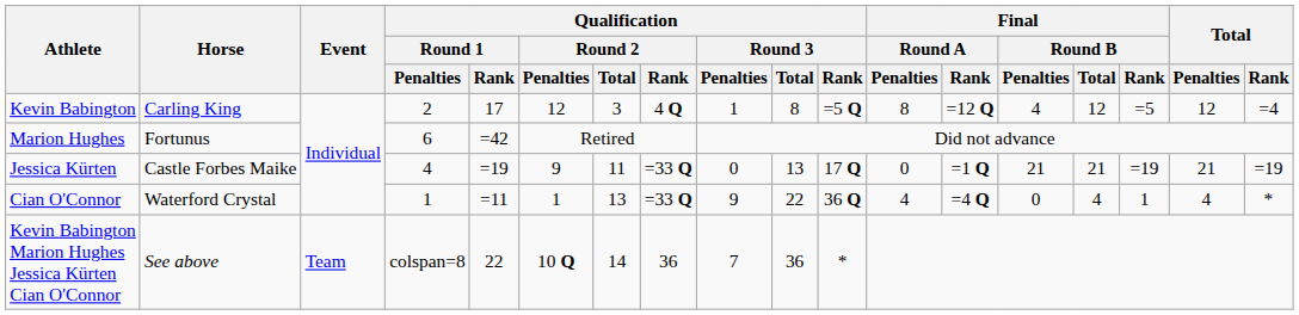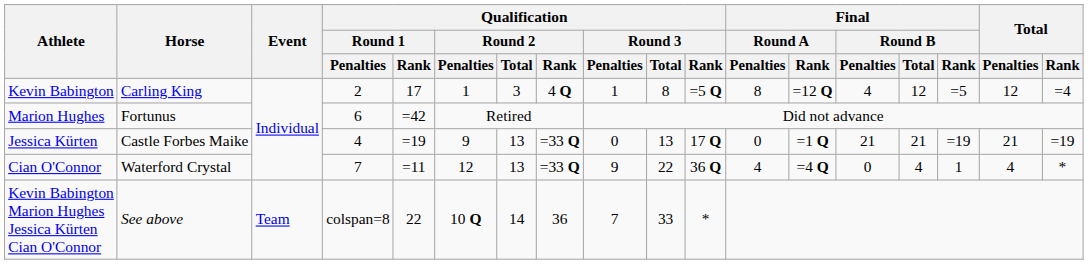 <table class="wikitable" style="font-size:90%">
 <tr>
 <th rowspan="3">Athlete</th>
 <th rowspan="3">Horse</th>
 <th rowspan="3">Event</th>
 <th colspan="8">Qualification</th>
 <th colspan="5">Final</th>
 <th rowspan=2 colspan="2">Total</th>
 </tr>
 <tr style="font-size:95%">
 <th colspan="2">Round 1</th>
 <th colspan="3">Round 2</th>
 <th colspan="3">Round 3</th>
 <th colspan="2">Round A</th>
 <th colspan="3">Round B</th>
 </tr>
 <tr style="font-size:95%">
 <th>Penalties</th>
 <th>Rank</th>
 <th>Penalties</th>
 <th>Total</th>
 <th>Rank</th>
 <th>Penalties</th>
 <th>Total</th>
 <th>Rank</th>
 <th>Penalties</th>
 <th>Rank</th>
 <th>Penalties</th>
 <th>Total</th>
 <th>Rank</th>
 <th>Penalties</th>
 <th>Rank</th>
 </tr>
 <tr align=center>
 <td align=left><a href='#'>Kevin Babington</a></td>
 <td align=left><a href='#'>Carling King</a></td>
 <td align=left rowspan=4><a href='#'>Individual</a></td>
 <td>2</td>
 <td>17</td>
-<td>12</td>
+<td>1</td>
 <td>3</td>
 <td>4 <strong>Q</strong></td>
 <td>1</td>
 <td>8</td>
 <td>=5 <strong>Q</strong></td>
 <td>8</td>
 <td>=12 <strong>Q</strong></td>
 <td>4</td>
 <td>12</td>
 <td>=5</td>
 <td>12</td>
 <td>=4</td>
 </tr>
 <tr align=center>
 <td align=left><a href='#'>Marion Hughes</a></td>
 <td align=left>Fortunus</td>
 <td>6</td>
 <td>=42</td>
 <td colspan=3>Retired</td>
 <td colspan=10>Did not advance</td>
 </tr>
 <tr align=center>
 <td align=left><a href='#'>Jessica Kürten</a></td>
 <td align=left>Castle Forbes Maike</td>
 <td>4</td>
 <td>=19</td>
 <td>9</td>
-<td>11</td>
+<td>13</td>
 <td>=33 <strong>Q</strong></td>
 <td>0</td>
 <td>13</td>
 <td>17 <strong>Q</strong></td>
 <td>0</td>
 <td>=1 <strong>Q</strong></td>
 <td>21</td>
 <td>21</td>
 <td>=19</td>
 <td>21</td>
 <td>=19</td>
 </tr>
 <tr align=center>
 <td align=left><a href='#'>Cian O'Connor</a></td>
 <td align=left>Waterford Crystal</td>
-<td>1</td>
+<td>7</td>
 <td>=11</td>
-<td>1</td>
+<td>12</td>
 <td>13</td>
 <td>=33 <strong>Q</strong></td>
 <td>9</td>
 <td>22</td>
 <td>36 <strong>Q</strong></td>
 <td>4</td>
 <td>=4 <strong>Q</strong></td>
 <td>0</td>
 <td>4</td>
 <td>1</td>
 <td>4</td>
 <td>*</td>
 </tr>
 <tr align=center>
 <td align=left><a href='#'>Kevin Babington</a><br><a href='#'>Marion Hughes</a><br><a href='#'>Jessica Kürten</a><br><a href='#'>Cian O'Connor</a></td>
 <td align=left><em>See above</em></td>
 <td align=left><a href='#'>Team</a></td>
 <td>colspan=8 </td>
 <td>22</td>
 <td>10 <strong>Q</strong></td>
 <td>14</td>
 <td>36</td>
 <td>7</td>
-<td>36</td>
+<td>33</td>
 <td>*</td>
 </tr>
 </table>
